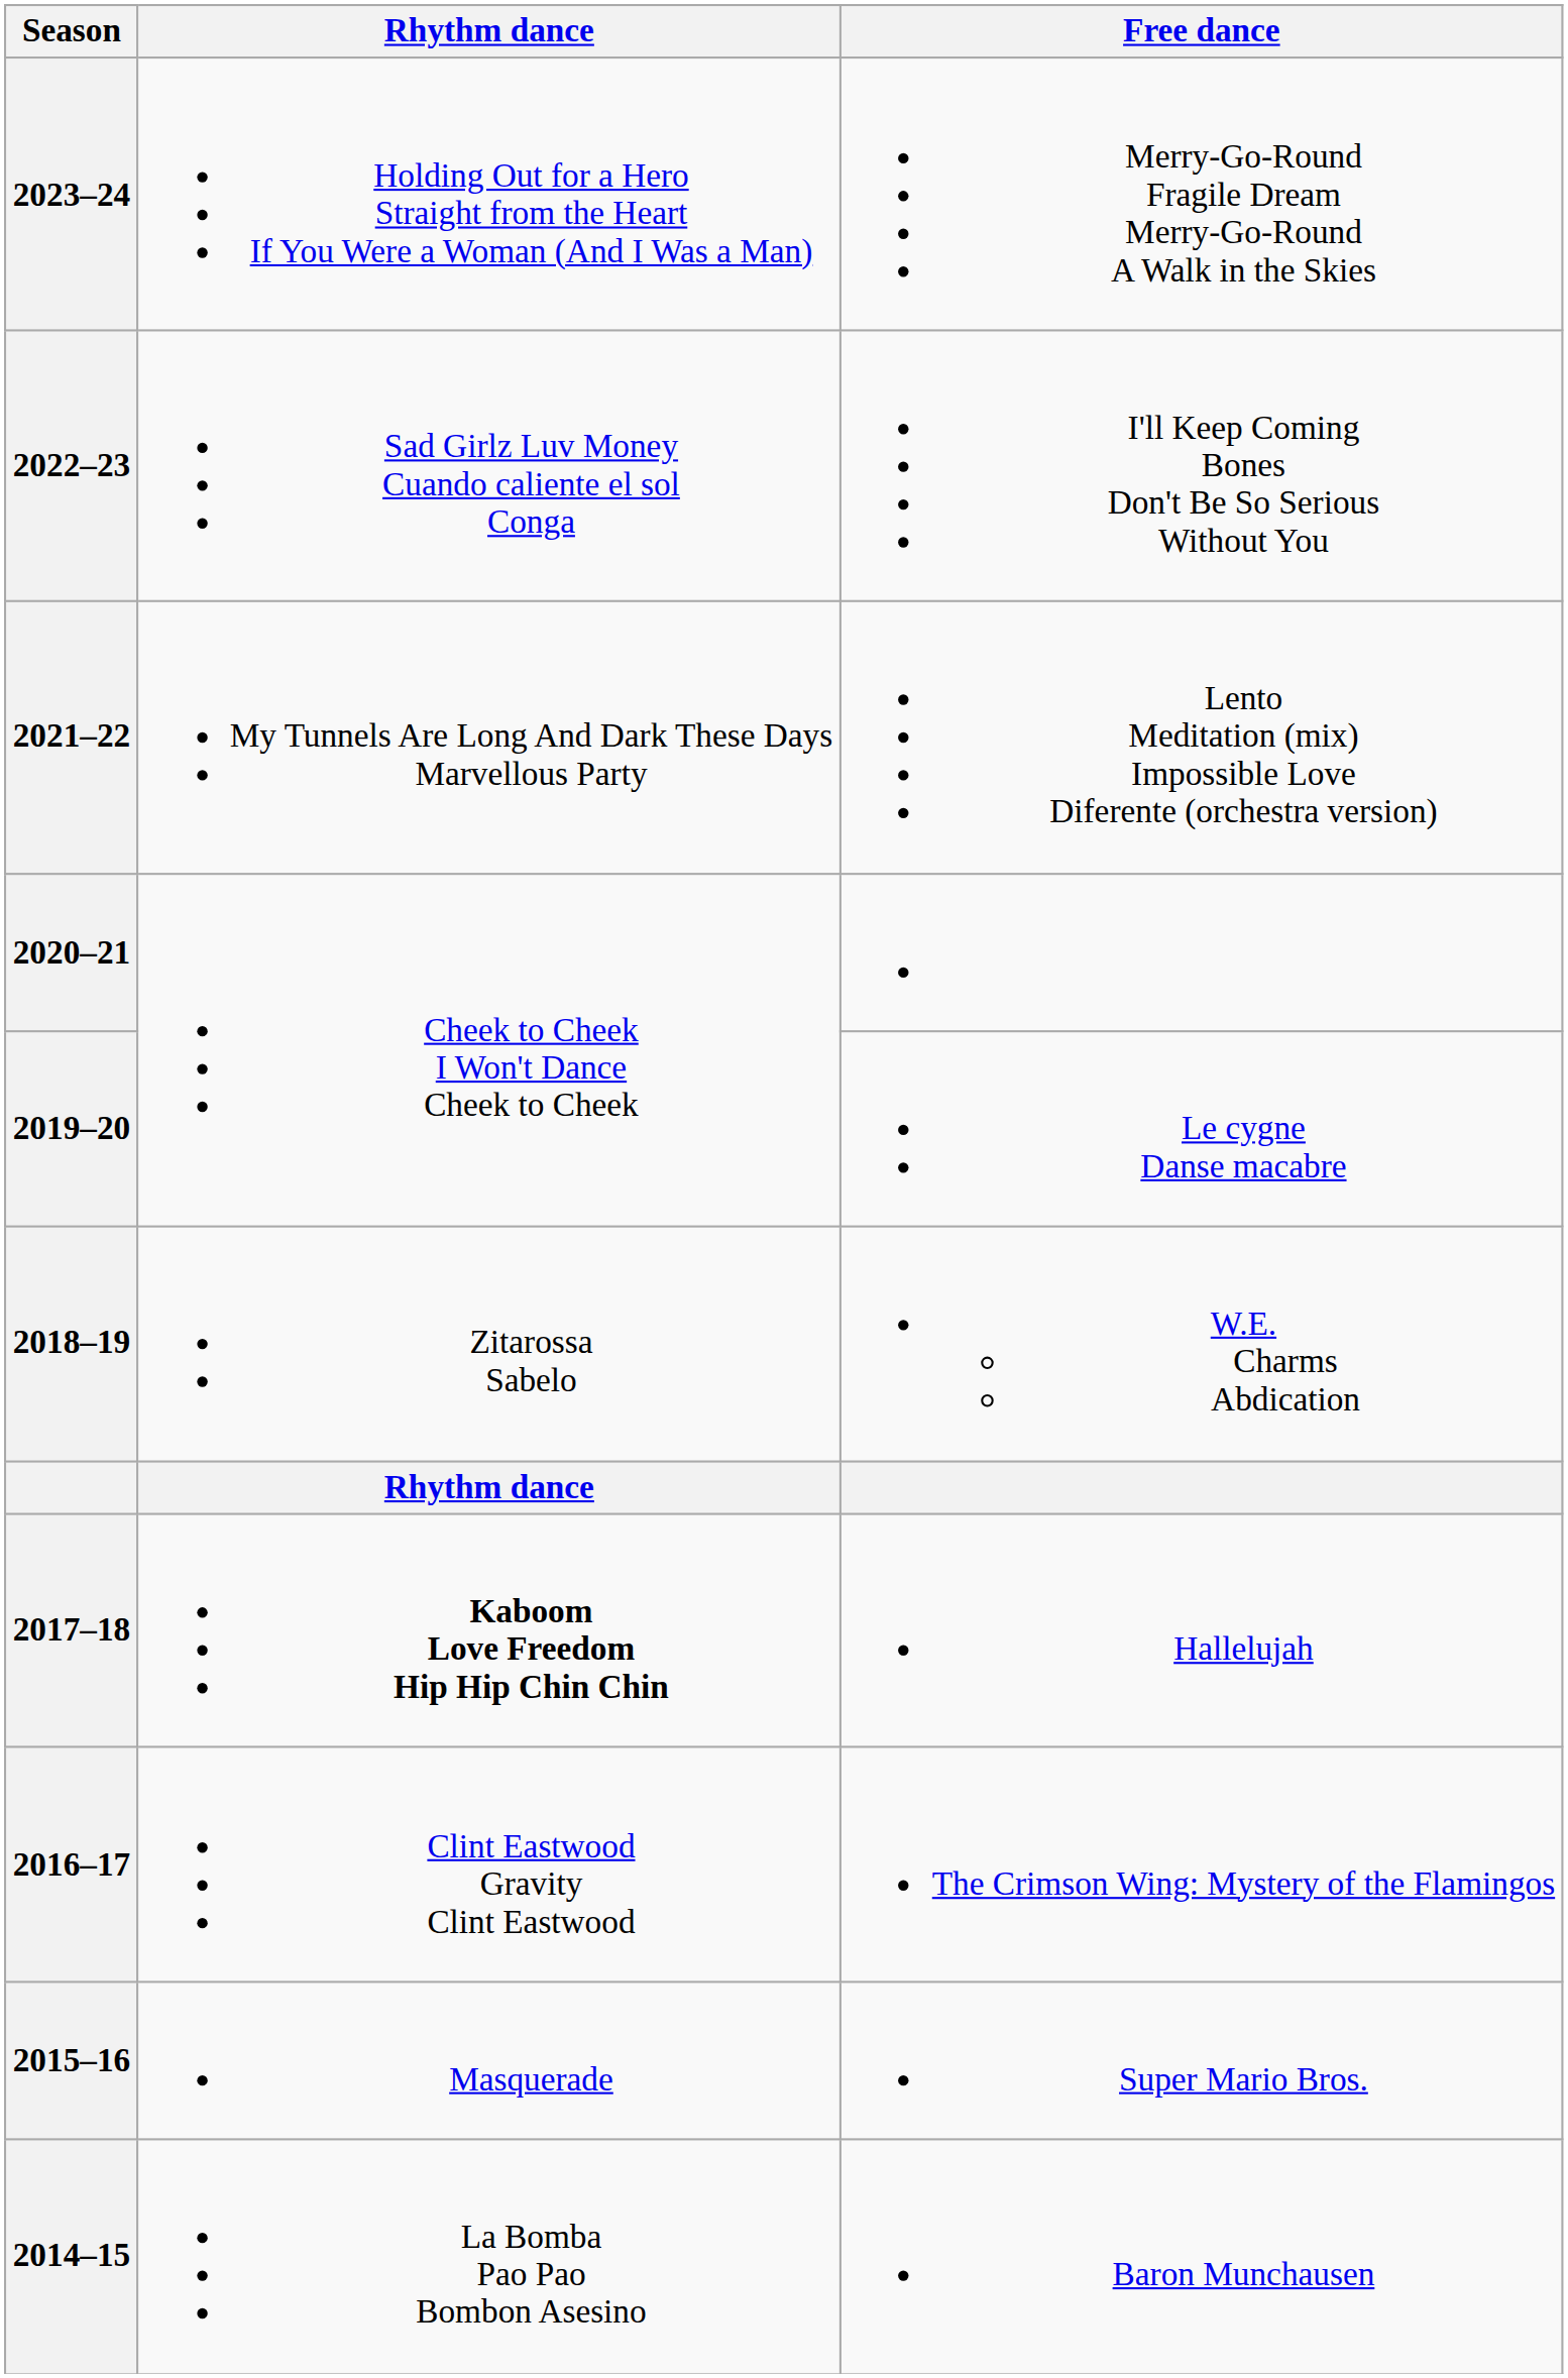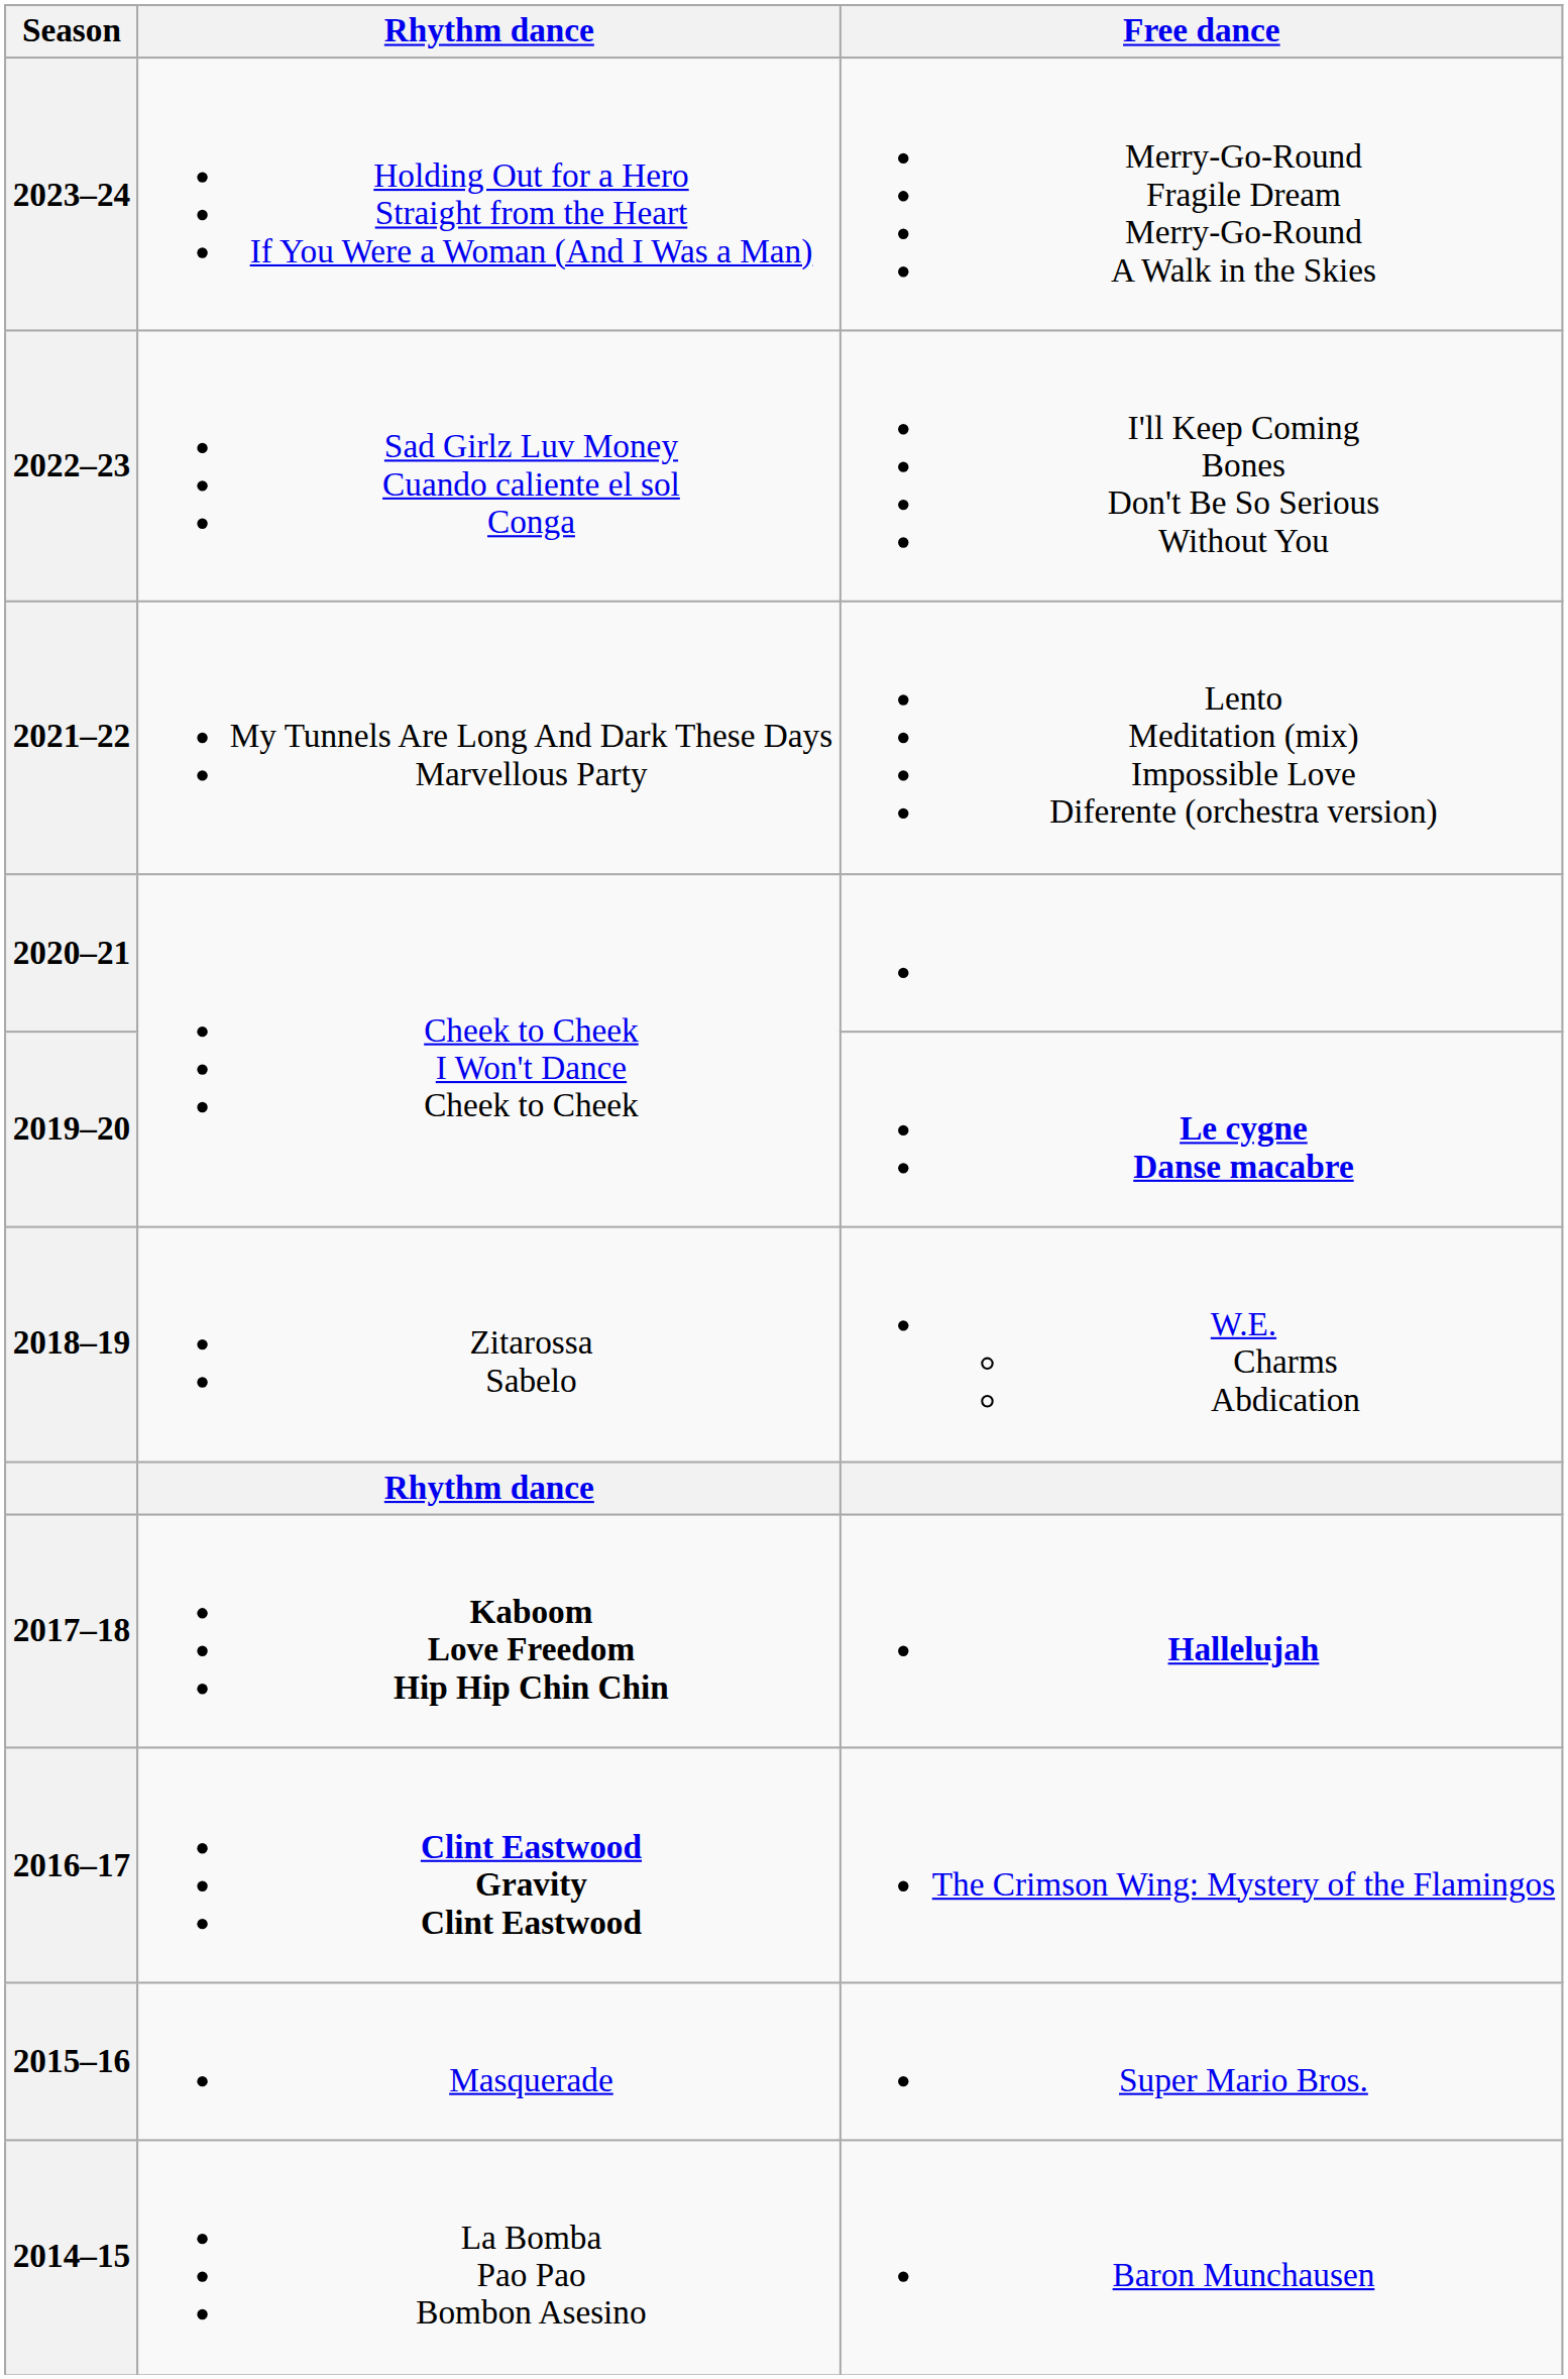 <table class=wikitable style=text-align:center>
 <tr>
 <th>Season</th>
 <th><a href='#'>Rhythm dance</a></th>
 <th><a href='#'>Free dance</a></th>
 </tr>
 <tr>
 <th>2023–24 <br> </th>
 <td><br><ul><li><a href='#'>Holding Out for a Hero</a><br></li><li><a href='#'>Straight from the Heart</a><br></li><li><a href='#'>If You Were a Woman (And I Was a Man)</a> <br></li></ul></td>
 <td><br><ul><li>Merry-Go-Round <br> </li><li>Fragile Dream <br> </li><li>Merry-Go-Round</li><li>A Walk in the Skies <br></li></ul></td>
 </tr>
 <tr>
 <th>2022–23 <br> </th>
 <td><br><ul><li> <a href='#'>Sad Girlz Luv Money</a><br></li><li> <a href='#'>Cuando caliente el sol</a><br></li><li> <a href='#'>Conga</a> <br></li></ul></td>
 <td><br><ul><li>I'll Keep Coming</li><li>Bones</li><li>Don't Be So Serious</li><li>Without You <br></li></ul></td>
 </tr>
 <tr>
 <th>2021–22 <br> </th>
 <td><br><ul><li>My Tunnels Are Long And Dark These Days <br></li><li>Marvellous Party <br></li></ul></td>
 <td><br><ul><li>Lento <br></li><li>Meditation (mix)</li><li>Impossible Love <br></li><li>Diferente (orchestra version) <br></li></ul></td>
 </tr>
 <tr>
 <th>2020–21</th>
 <td rowspan=2><br><ul><li> <a href='#'>Cheek to Cheek</a></li><li> <a href='#'>I Won't Dance</a></li><li> Cheek to Cheek <br></li></ul></td>
 <td><br><ul><li></li></ul></td>
 </tr>
 <tr>
 <th>2019–20 <br> </th>
-<td><br><ul><li><a href='#'>Le cygne</a> <br></li><li><a href='#'>Danse macabre</a> <br></li></ul></td>
+<td><strong><br><ul><li><a href='#'>Le cygne</a> <br></li><li><a href='#'>Danse macabre</a> <br></li></ul></strong></td>
 </tr>
 <tr>
 <th>2018–19 <br> </th>
 <td><br><ul><li> Zitarossa <br></li><li> Sabelo <br></li></ul></td>
 <td><br><ul><li><a href='#'>W.E.</a> <br><ul><li>Charms</li><li>Abdication</li></ul></li></ul></td>
 </tr>
 <tr>
 <th></th>
 <th><a href='#'>Rhythm dance</a></th>
 <th></th>
 </tr>
 <tr>
 <th>2017–18 <br> </th>
 <td><strong><br><ul><li> Kaboom <br></li><li> Love Freedom <br></li><li> Hip Hip Chin Chin <br></li></ul></strong></td>
-<td><br><ul><li><a href='#'>Hallelujah</a> <br></li></ul></td>
+<td><strong><br><ul><li><a href='#'>Hallelujah</a> <br></li></ul></strong></td>
 </tr>
 <tr>
 <th>2016–17 <br> </th>
-<td><br><ul><li> <a href='#'>Clint Eastwood</a> <br></li><li> Gravity <br></li><li> Clint Eastwood <br></li></ul></td>
+<td><strong><br><ul><li> <a href='#'>Clint Eastwood</a> <br></li><li> Gravity <br></li><li> Clint Eastwood <br></li></ul></strong></td>
 <td><br><ul><li><a href='#'>The Crimson Wing: Mystery of the Flamingos</a> <br></li></ul></td>
 </tr>
 <tr>
 <th>2015–16 <br> </th>
 <td><br><ul><li> <a href='#'>Masquerade</a> <br></li></ul></td>
 <td><br><ul><li><a href='#'>Super Mario Bros.</a> <br></li></ul></td>
 </tr>
 <tr>
 <th>2014–15 <br> </th>
 <td><br><ul><li> La Bomba</li><li> Pao Pao</li><li> Bombon Asesino</li></ul></td>
 <td><br><ul><li><a href='#'>Baron Munchausen</a> <br></li></ul></td>
 </tr>
 </table>
